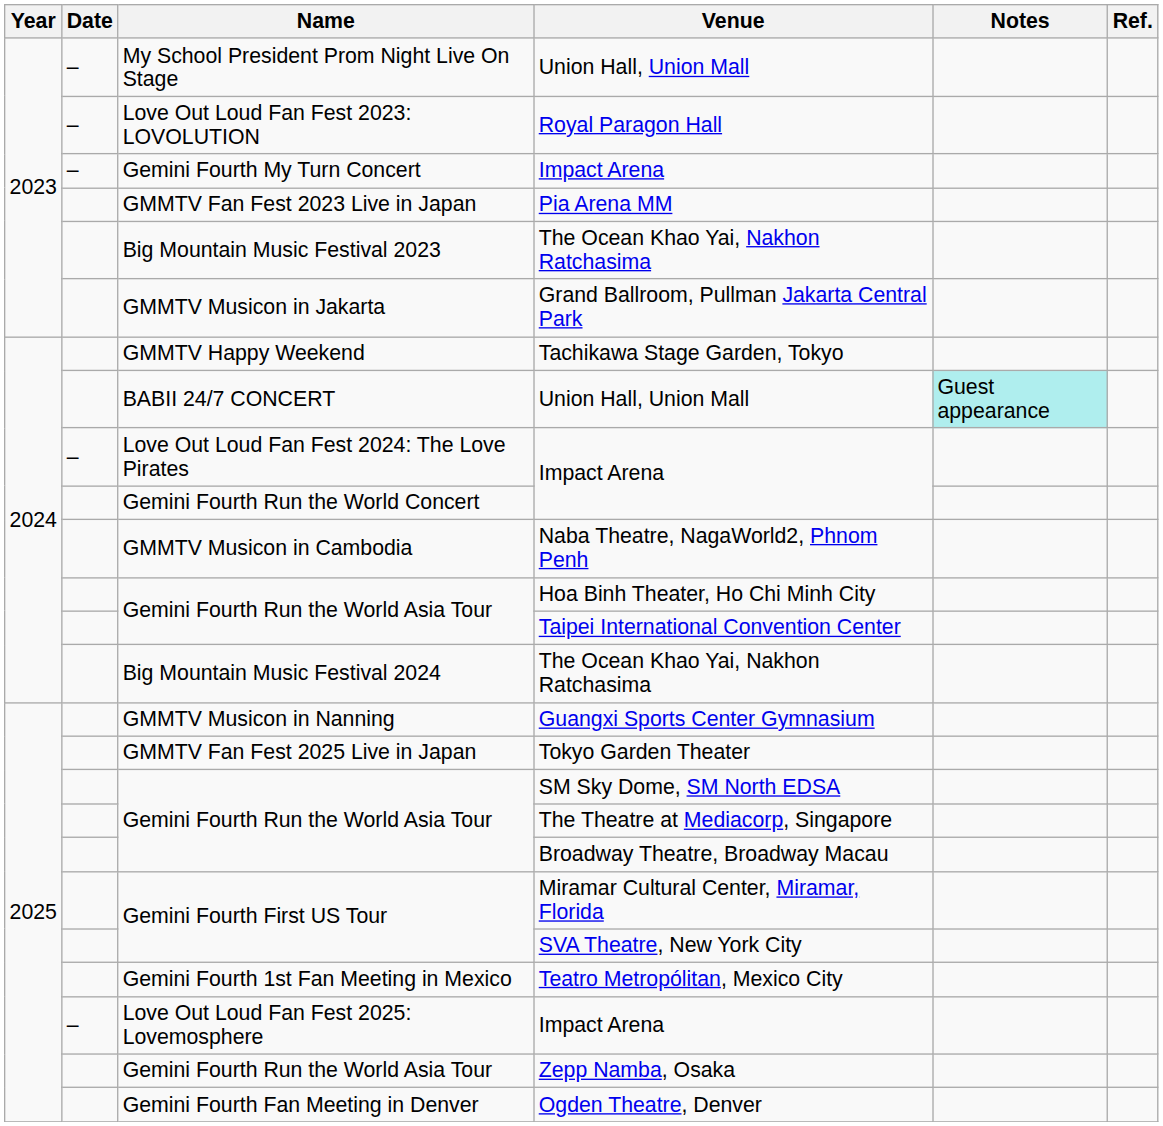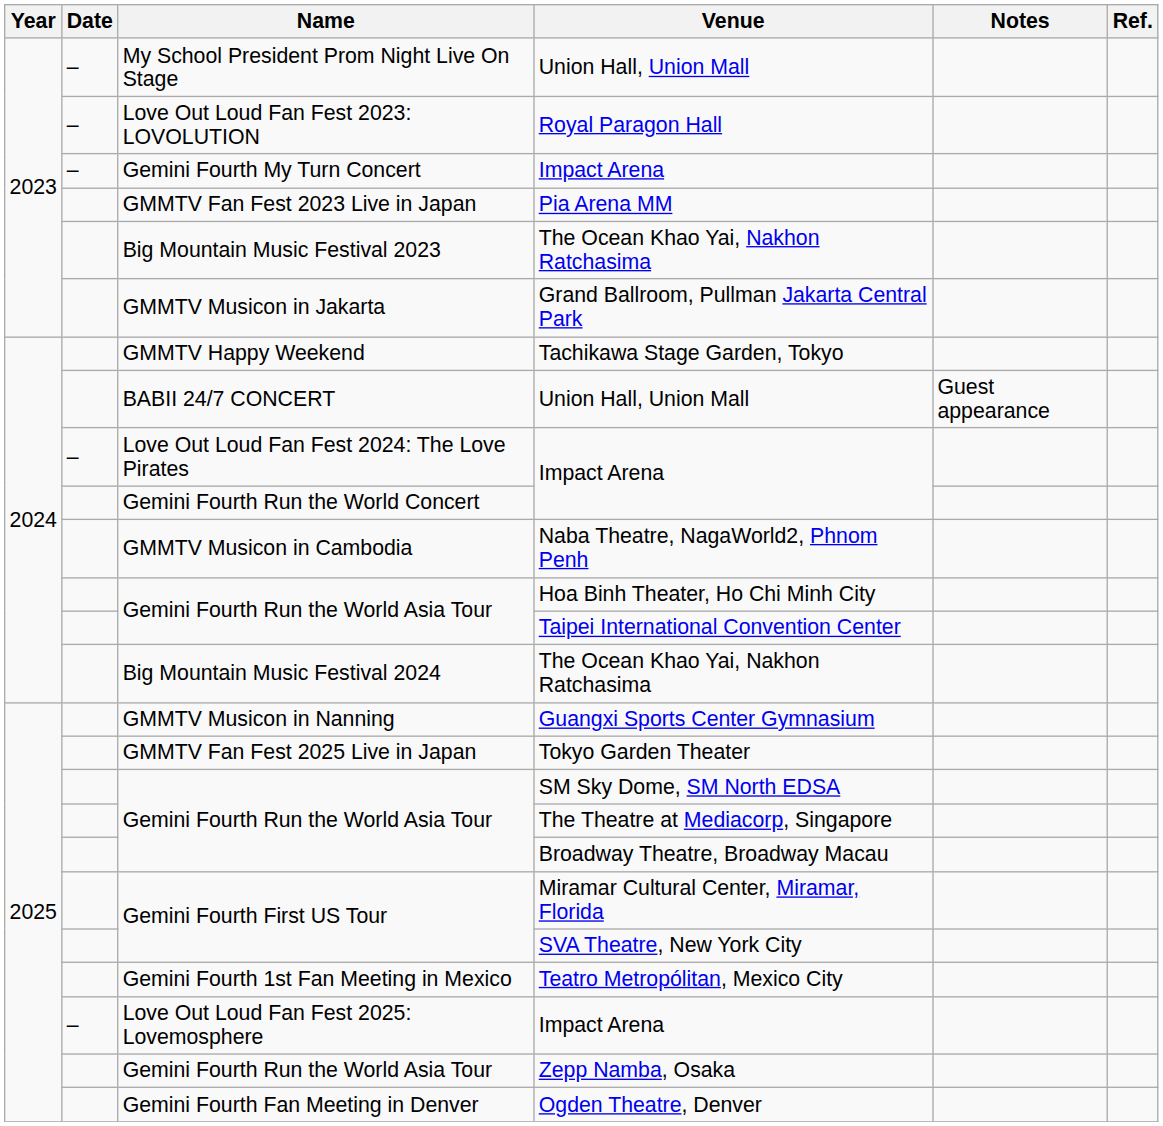 <table class="wikitable sortable">
 <tr>
 <th scope="col">Year</th>
 <th scope="col">Date</th>
 <th scope="col">Name</th>
 <th scope="col">Venue</th>
 <th scope="col" class="unsortable">Notes</th>
 <th scope="col" class="unsortable">Ref.</th>
 </tr>
 <tr>
 <td rowspan="6">2023</td>
 <td>–</td>
 <td>My School President Prom Night Live On Stage</td>
 <td>Union Hall, <a href='#'>Union Mall</a></td>
 <td></td>
 <td></td>
 </tr>
 <tr>
 <td>–</td>
 <td>Love Out Loud Fan Fest 2023: LOVOLUTION</td>
 <td><a href='#'>Royal Paragon Hall</a></td>
 <td></td>
 <td></td>
 </tr>
 <tr>
 <td>–</td>
 <td>Gemini Fourth My Turn Concert</td>
 <td><a href='#'>Impact Arena</a></td>
 <td></td>
 <td></td>
 </tr>
 <tr>
 <td></td>
 <td>GMMTV Fan Fest 2023 Live in Japan</td>
 <td><a href='#'>Pia Arena MM</a></td>
 <td></td>
 <td></td>
 </tr>
 <tr>
 <td></td>
 <td>Big Mountain Music Festival 2023</td>
 <td>The Ocean Khao Yai, <a href='#'>Nakhon Ratchasima</a></td>
 <td></td>
 <td></td>
 </tr>
 <tr>
 <td></td>
 <td>GMMTV Musicon in Jakarta</td>
 <td>Grand Ballroom, Pullman <a href='#'>Jakarta Central Park</a></td>
 <td></td>
 <td></td>
 </tr>
 <tr>
 <td rowspan="8">2024</td>
 <td></td>
 <td>GMMTV Happy Weekend</td>
 <td>Tachikawa Stage Garden, Tokyo</td>
 <td></td>
 <td></td>
 </tr>
 <tr>
 <td></td>
 <td>BABII 24/7 CONCERT</td>
 <td>Union Hall, Union Mall</td>
-<td style="background: paleturquoise;">Guest appearance</td>
+<td>Guest appearance</td>
 <td></td>
 </tr>
 <tr>
 <td>–</td>
 <td>Love Out Loud Fan Fest 2024: The Love Pirates</td>
 <td rowspan="2">Impact Arena</td>
 <td></td>
 <td></td>
 </tr>
 <tr>
 <td></td>
 <td>Gemini Fourth Run the World Concert</td>
 <td></td>
 <td></td>
 </tr>
 <tr>
 <td></td>
 <td>GMMTV Musicon in Cambodia</td>
 <td>Naba Theatre, NagaWorld2, <a href='#'>Phnom Penh</a></td>
 <td></td>
 <td></td>
 </tr>
 <tr>
 <td></td>
 <td rowspan="2">Gemini Fourth Run the World Asia Tour</td>
 <td>Hoa Binh Theater, Ho Chi Minh City</td>
 <td></td>
 <td></td>
 </tr>
 <tr>
 <td></td>
 <td><a href='#'>Taipei International Convention Center</a></td>
 <td></td>
 <td></td>
 </tr>
 <tr>
 <td></td>
 <td>Big Mountain Music Festival 2024</td>
 <td>The Ocean Khao Yai, Nakhon Ratchasima</td>
 <td></td>
 <td></td>
 </tr>
 <tr>
 <td rowspan="11">2025</td>
 <td></td>
 <td>GMMTV Musicon in Nanning</td>
 <td><a href='#'>Guangxi Sports Center Gymnasium</a></td>
 <td></td>
 <td></td>
 </tr>
 <tr>
 <td></td>
 <td>GMMTV Fan Fest 2025 Live in Japan</td>
 <td>Tokyo Garden Theater</td>
 <td></td>
 <td></td>
 </tr>
 <tr>
 <td></td>
 <td rowspan="3">Gemini Fourth Run the World Asia Tour</td>
 <td>SM Sky Dome, <a href='#'>SM North EDSA</a></td>
 <td></td>
 <td></td>
 </tr>
 <tr>
 <td></td>
 <td>The Theatre at <a href='#'>Mediacorp</a>, Singapore</td>
 <td></td>
 <td></td>
 </tr>
 <tr>
 <td></td>
 <td>Broadway Theatre, Broadway Macau</td>
 <td></td>
 <td></td>
 </tr>
 <tr>
 <td></td>
 <td rowspan="2">Gemini Fourth First US Tour</td>
 <td>Miramar Cultural Center, <a href='#'>Miramar, Florida</a></td>
 <td></td>
 <td></td>
 </tr>
 <tr>
 <td></td>
 <td><a href='#'>SVA Theatre</a>, New York City</td>
 <td></td>
 <td></td>
 </tr>
 <tr>
 <td></td>
 <td>Gemini Fourth 1st Fan Meeting in Mexico</td>
 <td><a href='#'>Teatro Metropólitan</a>, Mexico City</td>
 <td></td>
 <td></td>
 </tr>
 <tr>
 <td>–</td>
 <td>Love Out Loud Fan Fest 2025: Lovemosphere</td>
 <td>Impact Arena</td>
 <td></td>
 <td></td>
 </tr>
 <tr>
 <td></td>
 <td>Gemini Fourth Run the World Asia Tour</td>
 <td><a href='#'>Zepp Namba</a>, Osaka</td>
 <td></td>
 <td></td>
 </tr>
 <tr>
 <td></td>
 <td>Gemini Fourth Fan Meeting in Denver</td>
 <td><a href='#'>Ogden Theatre</a>, Denver</td>
 <td></td>
 <td></td>
 </tr>
 </table>
